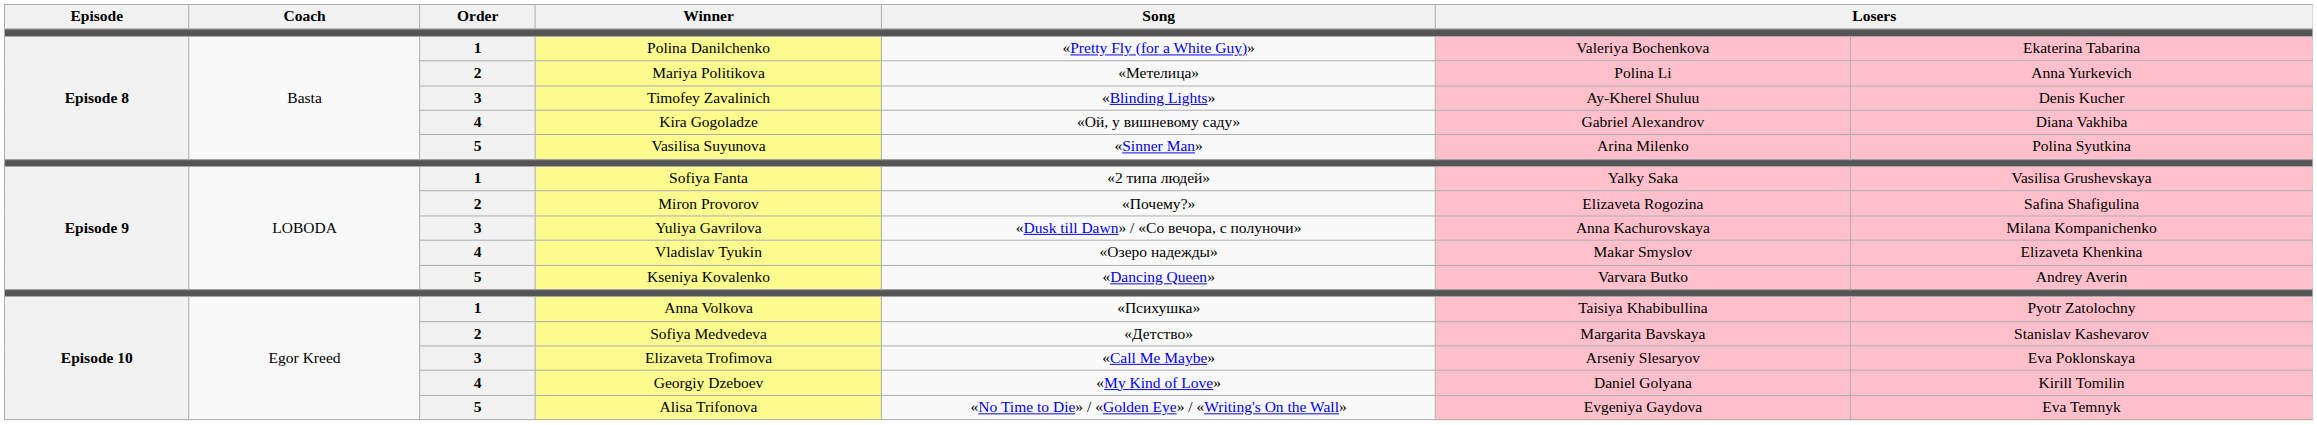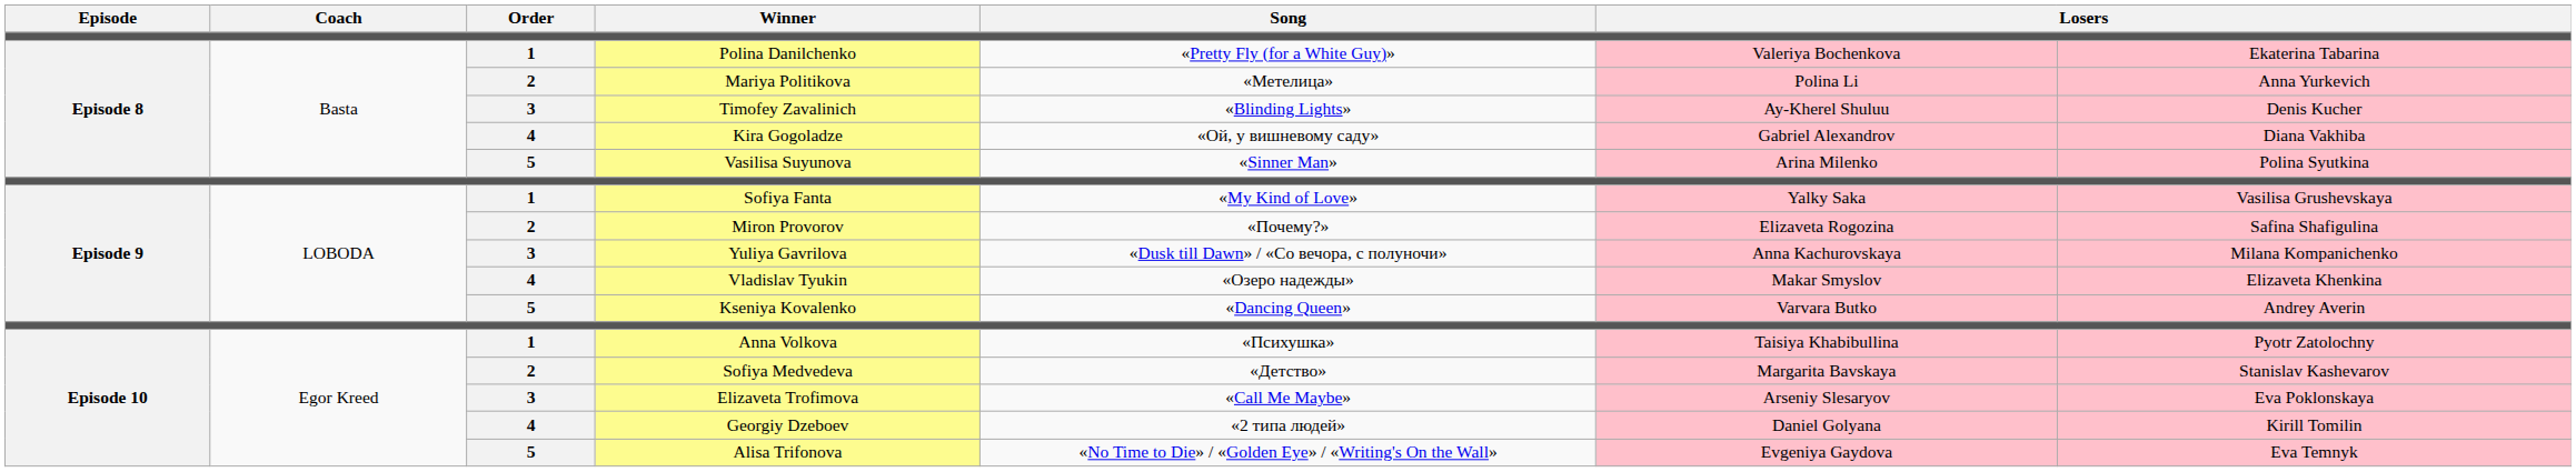 <table class="wikitable" style="text-align: center; width:120%;">
 <tr>
 <th style="width:08%;">Episode</th>
 <th style="width:10%;">Coach</th>
 <th style="width:05%;">Order</th>
 <th style="width:15%;">Winner</th>
 <th style="width:24%;">Song</th>
 <th colspan=2 style="width:29%:">Losers</th>
 </tr>
 <tr>
 <td colspan=7 style="background:#555;"></td>
 </tr>
 <tr>
 <th rowspan=5>Episode 8 <br> </th>
 <td rowspan=5>Basta</td>
 <th>1</th>
 <td style="background:#fdfc8f;">Polina Danilchenko</td>
 <td>«<a href='#'>Pretty Fly (for a White Guy)</a>»</td>
 <td style="background:pink;">Valeriya Bochenkova</td>
 <td style="background:pink;">Ekaterina Tabarina</td>
 </tr>
 <tr>
 <th>2</th>
 <td style="background:#fdfc8f;">Mariya Politikova</td>
 <td>«Метелица»</td>
 <td style="background:pink;">Polina Li</td>
 <td style="background:pink;">Anna Yurkevich</td>
 </tr>
 <tr>
 <th>3</th>
 <td style="background:#fdfc8f;">Timofey Zavalinich</td>
 <td>«<a href='#'>Blinding Lights</a>»</td>
 <td style="background:pink;">Ay-Kherel Shuluu</td>
 <td style="background:pink;">Denis Kucher</td>
 </tr>
 <tr>
 <th>4</th>
 <td style="background:#fdfc8f;">Kira Gogoladze</td>
 <td>«Ой, у вишневому саду»</td>
 <td style="background:pink;">Gabriel Alexandrov</td>
 <td style="background:pink;">Diana Vakhiba</td>
 </tr>
 <tr>
 <th>5</th>
 <td style="background:#fdfc8f;">Vasilisa Suyunova</td>
 <td>«<a href='#'>Sinner Man</a>»</td>
 <td style="background:pink;">Arina Milenko</td>
 <td style="background:pink;">Polina Syutkina</td>
 </tr>
 <tr>
 <td colspan=7 style="background:#555;"></td>
 </tr>
 <tr>
 <th rowspan=5>Episode 9 <br> </th>
 <td rowspan=5>LOBODA</td>
 <th>1</th>
 <td style="background:#fdfc8f;">Sofiya Fanta</td>
-<td>«2 типа людей»</td>
+<td>«<a href='#'>My Kind of Love</a>»</td>
 <td style="background:pink;">Yalky Saka</td>
 <td style="background:pink;">Vasilisa Grushevskaya</td>
 </tr>
 <tr>
 <th>2</th>
 <td style="background:#fdfc8f;">Miron Provorov</td>
 <td>«Почему?»</td>
 <td style="background:pink;">Elizaveta Rogozina</td>
 <td style="background:pink;">Safina Shafigulina</td>
 </tr>
 <tr>
 <th>3</th>
 <td style="background:#fdfc8f;">Yuliya Gavrilova</td>
 <td>«<a href='#'>Dusk till Dawn</a>» / «Со вечора, с полуночи»</td>
 <td style="background:pink;">Anna Kachurovskaya</td>
 <td style="background:pink;">Milana Kompanichenko</td>
 </tr>
 <tr>
 <th>4</th>
 <td style="background:#fdfc8f;">Vladislav Tyukin</td>
 <td>«Озеро надежды»</td>
 <td style="background:pink;">Makar Smyslov</td>
 <td style="background:pink;">Elizaveta Khenkina</td>
 </tr>
 <tr>
 <th>5</th>
 <td style="background:#fdfc8f;">Kseniya Kovalenko</td>
 <td>«<a href='#'>Dancing Queen</a>»</td>
 <td style="background:pink;">Varvara Butko</td>
 <td style="background:pink;">Andrey Averin</td>
 </tr>
 <tr>
 <td colspan=7 style="background:#555;"></td>
 </tr>
 <tr>
 <th rowspan=5>Episode 10 <br> </th>
 <td rowspan=5>Egor Kreed</td>
 <th>1</th>
 <td style="background:#fdfc8f;">Anna Volkova</td>
 <td>«Психушка»</td>
 <td style="background:pink;">Taisiya Khabibullina</td>
 <td style="background:pink;">Pyotr Zatolochny</td>
 </tr>
 <tr>
 <th>2</th>
 <td style="background:#fdfc8f;">Sofiya Medvedeva</td>
 <td>«Детство»</td>
 <td style="background:pink;">Margarita Bavskaya</td>
 <td style="background:pink;">Stanislav Kashevarov</td>
 </tr>
 <tr>
 <th>3</th>
 <td style="background:#fdfc8f;">Elizaveta Trofimova</td>
 <td>«<a href='#'>Call Me Maybe</a>»</td>
 <td style="background:pink;">Arseniy Slesaryov</td>
 <td style="background:pink;">Eva Poklonskaya</td>
 </tr>
 <tr>
 <th>4</th>
 <td style="background:#fdfc8f;">Georgiy Dzeboev</td>
-<td>«<a href='#'>My Kind of Love</a>»</td>
+<td>«2 типа людей»</td>
 <td style="background:pink;">Daniel Golyana</td>
 <td style="background:pink;">Kirill Tomilin</td>
 </tr>
 <tr>
 <th>5</th>
 <td style="background:#fdfc8f;">Alisa Trifonova</td>
 <td>«<a href='#'>No Time to Die</a>» / «<a href='#'>Golden Eye</a>» / «<a href='#'>Writing's On the Wall</a>»</td>
 <td style="background:pink;">Evgeniya Gaydova</td>
 <td style="background:pink;">Eva Temnyk</td>
 </tr>
 </table>
